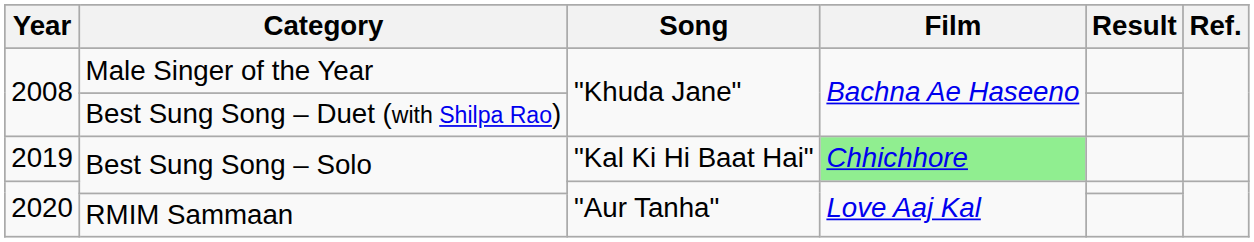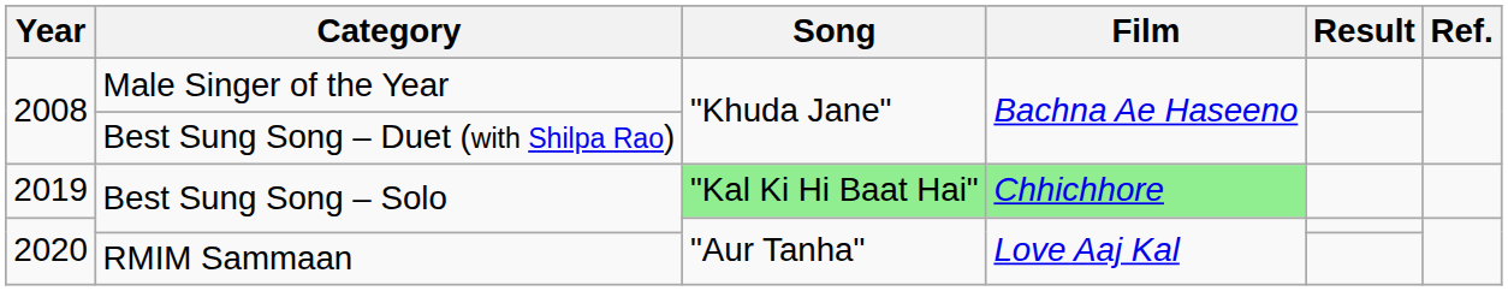 <table class="wikitable">
 <tr>
 <th>Year</th>
 <th>Category</th>
 <th>Song</th>
 <th>Film</th>
 <th>Result</th>
 <th>Ref.</th>
 </tr>
 <tr>
 <td rowspan="2">2008</td>
 <td>Male Singer of the Year</td>
 <td rowspan="2">"Khuda Jane"</td>
 <td rowspan="2"><em><a href='#'>Bachna Ae Haseeno</a></em></td>
 <td></td>
 <td rowspan="2"></td>
 </tr>
 <tr>
 <td>Best Sung Song – Duet (<small>with <a href='#'>Shilpa Rao</a></small>)</td>
 <td></td>
 </tr>
 <tr>
 <td>2019</td>
 <td rowspan="2">Best Sung Song – Solo</td>
-<td>"Kal Ki Hi Baat Hai"</td>
+<td style="background: lightgreen;">"Kal Ki Hi Baat Hai"</td>
 <td style="background: lightgreen;"><em><a href='#'>Chhichhore</a></em></td>
 <td></td>
 <td></td>
 </tr>
 <tr>
 <td rowspan="2">2020</td>
 <td rowspan="2">"Aur Tanha"</td>
 <td rowspan="2"><em><a href='#'>Love Aaj Kal</a></em></td>
 <td></td>
 <td rowspan="2"></td>
 </tr>
 <tr>
 <td>RMIM Sammaan</td>
 <td></td>
 </tr>
 </table>
